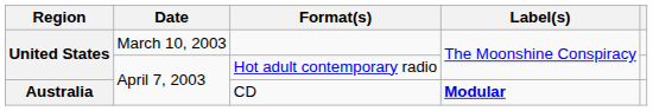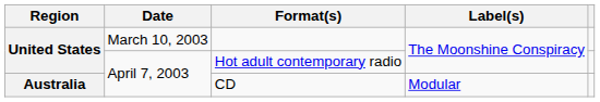 <table class="wikitable plainrowheaders" style="text-align:left">
 <tr>
 <th scope="col">Region</th>
 <th scope="col">Date</th>
 <th scope="col">Format(s)</th>
 <th scope="col">Label(s)</th>
 <th scope="col"></th>
 </tr>
 <tr>
 <th scope="row" rowspan="2">United States</th>
 <td>March 10, 2003</td>
 <td></td>
 <td rowspan="2"><a href='#'>The Moonshine Conspiracy</a></td>
 <td></td>
 </tr>
 <tr>
 <td rowspan="2">April 7, 2003</td>
 <td><a href='#'>Hot adult contemporary</a> radio</td>
 <td></td>
 </tr>
 <tr>
 <th scope="row">Australia</th>
 <td>CD</td>
-<td><strong><a href='#'>Modular</a></strong></td>
+<td><a href='#'>Modular</a></td>
 <td></td>
 </tr>
 </table>
